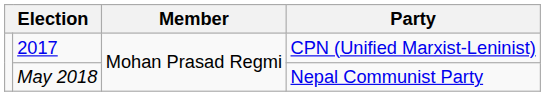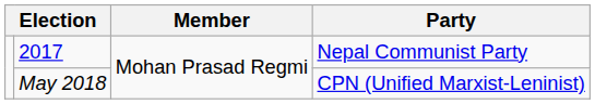 <table class="wikitable">
 <tr>
 <th colspan="2">Election</th>
 <th>Member</th>
 <th>Party</th>
 </tr>
 <tr>
 <td rowspan="2" style="background-color:"></td>
 <td><a href='#'>2017</a></td>
 <td rowspan="2">Mohan Prasad Regmi</td>
-<td><a href='#'>CPN (Unified Marxist-Leninist)</a></td>
+<td><a href='#'>Nepal Communist Party</a></td>
 </tr>
 <tr>
 <td><em>May 2018</em></td>
-<td><a href='#'>Nepal Communist Party</a></td>
+<td><a href='#'>CPN (Unified Marxist-Leninist)</a></td>
 </tr>
 </table>
